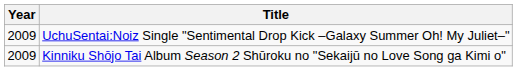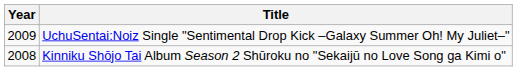 <table class="wikitable">
 <tr>
 <th>Year</th>
 <th>Title</th>
 </tr>
 <tr>
 <td>2009</td>
 <td><a href='#'>UchuSentai:Noiz</a> Single "Sentimental Drop Kick –Galaxy Summer Oh! My Juliet–"</td>
 </tr>
 <tr>
-<td>2009</td>
+<td>2008</td>
 <td><a href='#'>Kinniku Shōjo Tai</a> Album <em>Season 2</em> Shūroku no "Sekaijū no Love Song ga Kimi o"</td>
 </tr>
 </table>
